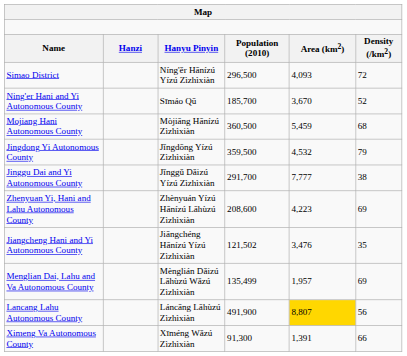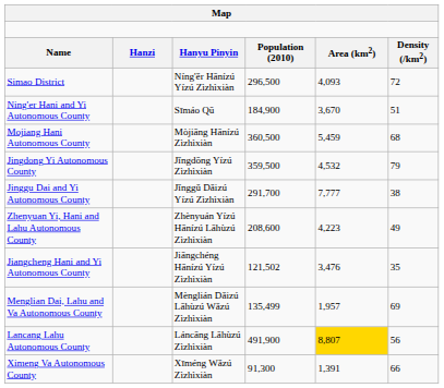 <table class="wikitable"  style="font-size:90%; width:50%;" align=center>
 <tr>
 <th colspan="6" align="center">Map</th>
 </tr>
 <tr>
 <td colspan="6" align="center"><div><br>             </div></td>
 </tr>
 <tr>
 <th width="150">Name</th>
 <th width="80"><a href='#'>Hanzi</a></th>
 <th width="100"><a href='#'>Hanyu Pinyin</a></th>
 <th>Population<br>(2010)</th>
 <th>Area (km<sup>2</sup>)</th>
 <th>Density<br>(/km<sup>2</sup>)</th>
 </tr>
 <tr --------->
 <td><a href='#'>Simao District</a></td>
 <td></td>
 <td>Níng'ěr Hānízú Yízú Zìzhìxiàn</td>
 <td>296,500</td>
 <td>4,093</td>
 <td>72</td>
 </tr>
 <tr --------->
 <td><a href='#'>Ning'er Hani and Yi Autonomous County</a></td>
 <td></td>
 <td>Sīmáo Qū</td>
-<td>185,700</td>
+<td>184,900</td>
 <td>3,670</td>
-<td>52</td>
+<td>51</td>
 </tr>
 <tr --------->
 <td><a href='#'>Mojiang Hani Autonomous County</a></td>
 <td></td>
 <td>Mòjiāng Hānízú Zìzhìxiàn</td>
 <td>360,500</td>
 <td>5,459</td>
 <td>68</td>
 </tr>
 <tr --------->
 <td><a href='#'>Jingdong Yi Autonomous County</a></td>
 <td></td>
 <td>Jǐngdōng Yízú Zìzhìxiàn</td>
 <td>359,500</td>
 <td>4,532</td>
 <td>79</td>
 </tr>
 <tr --------->
 <td><a href='#'>Jinggu Dai and Yi Autonomous County</a></td>
 <td></td>
 <td>Jǐnggǔ Dǎizú Yízú Zìzhìxiàn</td>
 <td>291,700</td>
 <td>7,777</td>
 <td>38</td>
 </tr>
 <tr --------->
 <td><a href='#'>Zhenyuan Yi, Hani and Lahu Autonomous County</a></td>
 <td></td>
 <td>Zhènyuán Yízú Hānízú Lāhùzú Zìzhìxiàn</td>
 <td>208,600</td>
 <td>4,223</td>
-<td>69</td>
+<td>49</td>
 </tr>
 <tr --------->
 <td><a href='#'>Jiangcheng Hani and Yi Autonomous County</a></td>
 <td></td>
 <td>Jiāngchéng Hānízú Yízú Zìzhìxiàn</td>
 <td>121,502</td>
 <td>3,476</td>
 <td>35</td>
 </tr>
 <tr --------->
 <td><a href='#'>Menglian Dai, Lahu and Va Autonomous County</a></td>
 <td></td>
 <td>Mènglián Dǎizú Lāhùzú Wǎzú Zìzhìxiàn</td>
 <td>135,499</td>
 <td>1,957</td>
 <td>69</td>
 </tr>
 <tr --------->
 <td><a href='#'>Lancang Lahu Autonomous County</a></td>
 <td></td>
 <td>Láncāng Lāhùzú Zìzhìxiàn</td>
 <td>491,900</td>
 <td style="background: gold;">8,807</td>
 <td>56</td>
 </tr>
 <tr --------->
 <td><a href='#'>Ximeng Va Autonomous County</a></td>
 <td></td>
 <td>Xīméng Wǎzú Zìzhìxiàn</td>
 <td>91,300</td>
 <td>1,391</td>
 <td>66</td>
 </tr>
 </table>
